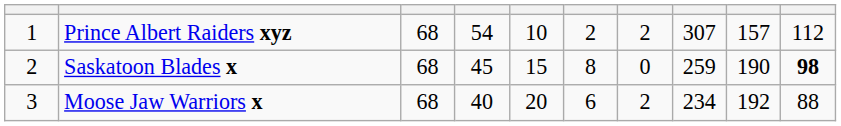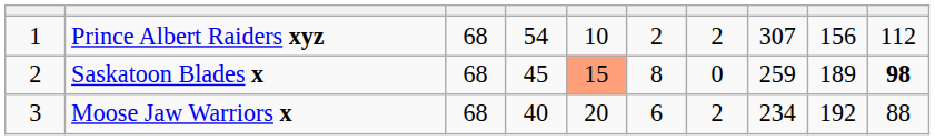 <table class="wikitable sortable">
 <tr>
 <th style="width:2em"></th>
 <th style="width:15em;" class="unsortable"></th>
 <th style="width:2em;"></th>
 <th style="width:2em;"></th>
 <th style="width:2em;"></th>
 <th style="width:2em;"></th>
 <th style="width:2em;"></th>
 <th style="width:2em;"></th>
 <th style="width:2em;"></th>
 <th style="width:2em;"></th>
 </tr>
 <tr style="font-weight: ; text-align: center;">
 <td>1</td>
 <td style="text-align:left;"><a href='#'>Prince Albert Raiders</a> <strong>xyz</strong></td>
 <td>68</td>
 <td>54</td>
 <td>10</td>
 <td>2</td>
 <td>2</td>
 <td>307</td>
-<td>157</td>
+<td>156</td>
 <td>112</td>
 </tr>
 <tr style="font-weight: ; text-align: center;">
 <td>2</td>
 <td style="text-align:left;"><a href='#'>Saskatoon Blades</a> <strong>x</strong></td>
 <td>68</td>
 <td>45</td>
-<td>15</td>
+<td style="background: lightsalmon;">15</td>
 <td>8</td>
 <td>0</td>
 <td>259</td>
-<td>190</td>
+<td>189</td>
 <td><strong>98</strong></td>
 </tr>
 <tr style="font-weight: ; text-align: center;">
 <td>3</td>
 <td style="text-align:left;"><a href='#'>Moose Jaw Warriors</a> <strong>x</strong></td>
 <td>68</td>
 <td>40</td>
 <td>20</td>
 <td>6</td>
 <td>2</td>
 <td>234</td>
 <td>192</td>
 <td>88</td>
 </tr>
 </table>
